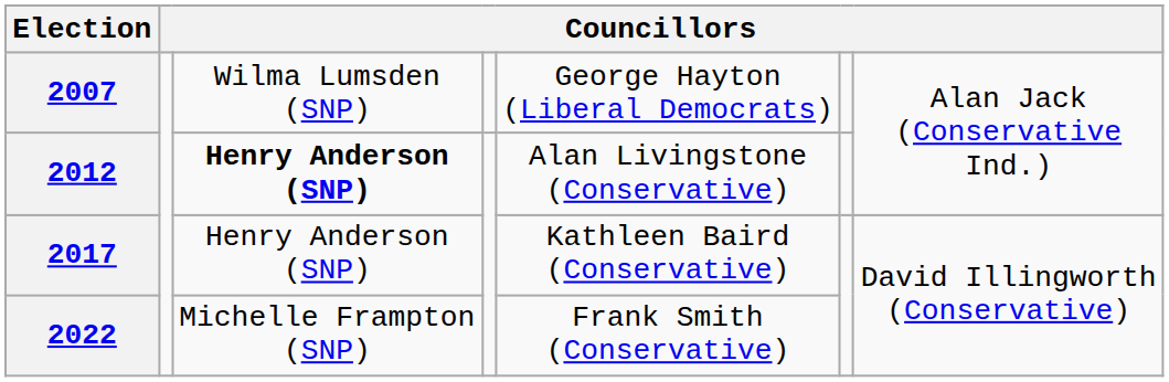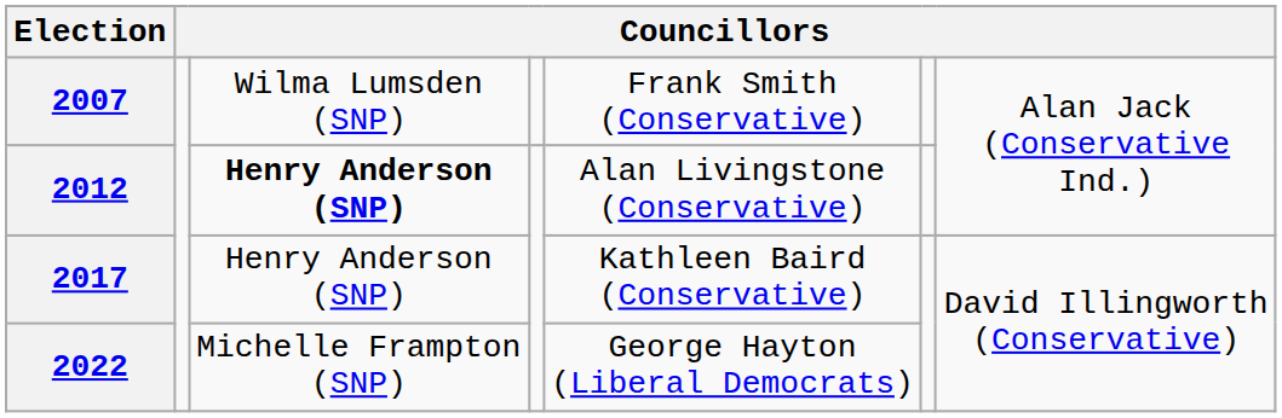 <table class="wikitable" style="text-align:center">
 <tr>
 <th>Election</th>
 <th colspan=8>Councillors</th>
 </tr>
 <tr>
 <th><a href='#'>2007</a></th>
 <td rowspan=4; style="background-color: "></td>
 <td rowspan=1>Wilma Lumsden<br>(<a href='#'>SNP</a>)</td>
 <td rowspan=1; style="background-color: "></td>
-<td rowspan=1>George Hayton<br>(<a href='#'>Liberal Democrats</a>)</td>
+<td rowspan=1>Frank Smith<br>(<a href='#'>Conservative</a>)</td>
 <td rowspan=1; style="background-color: "></td>
 <td rowspan=2>Alan Jack<br>(<a href='#'>Conservative</a><br>Ind.)</td>
 </tr>
 <tr>
 <th><a href='#'>2012</a></th>
 <td rowspan=1><strong>Henry Anderson<br>(<a href='#'>SNP</a>)</strong></td>
 <td rowspan=3; style="background-color: "></td>
 <td rowspan=1>Alan Livingstone<br>(<a href='#'>Conservative</a>)</td>
 <td rowspan=1; style="background-color: "></td>
 </tr>
 <tr>
 <th><a href='#'>2017</a></th>
 <td rowspan=1>Henry Anderson<br>(<a href='#'>SNP</a>)</td>
 <td rowspan=1>Kathleen Baird<br>(<a href='#'>Conservative</a>)</td>
 <td rowspan=2; style="background-color: "></td>
 <td rowspan=2>David Illingworth<br>(<a href='#'>Conservative</a>)</td>
 </tr>
 <tr>
 <th><a href='#'>2022</a></th>
 <td rowspan=1>Michelle Frampton<br>(<a href='#'>SNP</a>)</td>
-<td rowspan=1>Frank Smith<br>(<a href='#'>Conservative</a>)</td>
+<td rowspan=1>George Hayton<br>(<a href='#'>Liberal Democrats</a>)</td>
 </tr>
 </table>
